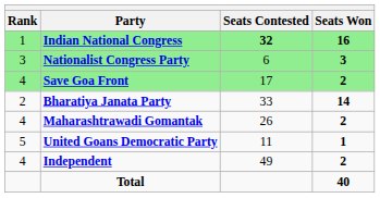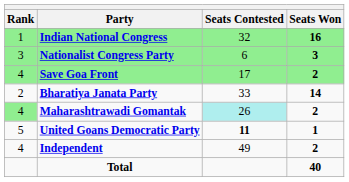 <table class="wikitable sortable" style="text-align: center;">
 <tr>
 <th colspan=10></th>
 </tr>
 <tr>
 <th align="center">Rank</th>
 <th align="center">Party</th>
 <th align="center">Seats Contested</th>
 <th align="center">Seats Won</th>
 </tr>
 <tr style="background: #90EE90;">
 <td>1</td>
 <td align="left"><strong><a href='#'>Indian National Congress</a></strong></td>
-<td><strong>32</strong></td>
+<td>32</td>
 <td><strong>16</strong></td>
 </tr>
 <tr style="background: #90EE90;">
 <td>3</td>
 <td align="left"><strong><a href='#'>Nationalist Congress Party</a></strong></td>
 <td>6</td>
 <td><strong>3</strong></td>
 </tr>
 <tr style="background: #90EE90;">
 <td>4</td>
 <td align="left"><strong><a href='#'>Save Goa Front</a></strong></td>
 <td>17</td>
 <td><strong>2</strong></td>
 </tr>
 <tr>
 <td>2</td>
 <td align="left"><strong><a href='#'>Bharatiya Janata Party</a></strong></td>
 <td>33</td>
 <td><strong>14</strong></td>
 </tr>
 <tr>
-<td>4</td>
+<td style="background: lightgreen;">4</td>
 <td align="left"><strong><a href='#'>Maharashtrawadi Gomantak</a></strong></td>
-<td>26</td>
+<td style="background: paleturquoise;">26</td>
 <td><strong>2</strong></td>
 </tr>
 <tr>
 <td>5</td>
 <td align="left"><strong><a href='#'>United Goans Democratic Party</a></strong></td>
-<td>11</td>
+<td><strong>11</strong></td>
 <td><strong>1</strong></td>
 </tr>
 <tr>
 <td>4</td>
 <td align="left"><strong><a href='#'>Independent</a></strong></td>
 <td>49</td>
 <td><strong>2</strong></td>
 </tr>
 <tr>
 <td></td>
 <td align="centre"><strong>Total </strong></td>
 <td></td>
 <td><strong>40</strong></td>
 </tr>
 </table>
